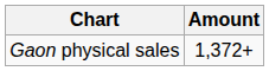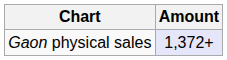 <table class="wikitable" style="text-align:center">
 <tr>
 <th>Chart</th>
 <th>Amount</th>
 </tr>
 <tr>
 <td><em>Gaon</em> physical sales</td>
-<td>1,372+</td>
+<td style="background: lavender;">1,372+</td>
 </tr>
 <tr>
 </tr>
 </table>
